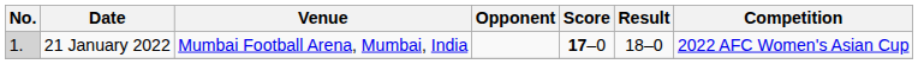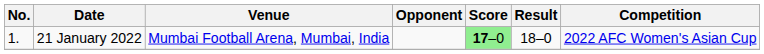 <table class="wikitable">
 <tr>
 <th>No.</th>
 <th>Date</th>
 <th>Venue</th>
 <th>Opponent</th>
 <th>Score</th>
 <th>Result</th>
 <th>Competition</th>
 </tr>
 <tr>
-<td style="background: lightgrey;">1.</td>
+<td>1.</td>
 <td>21 January 2022</td>
 <td><a href='#'>Mumbai Football Arena</a>, <a href='#'>Mumbai</a>, <a href='#'>India</a></td>
 <td></td>
-<td align=center><strong>17</strong>–0</td>
+<td align=center style="background: lightgreen;"><strong>17</strong>–0</td>
 <td align=center>18–0</td>
 <td><a href='#'>2022 AFC Women's Asian Cup</a></td>
 </tr>
 <tr>
 </tr>
 </table>
